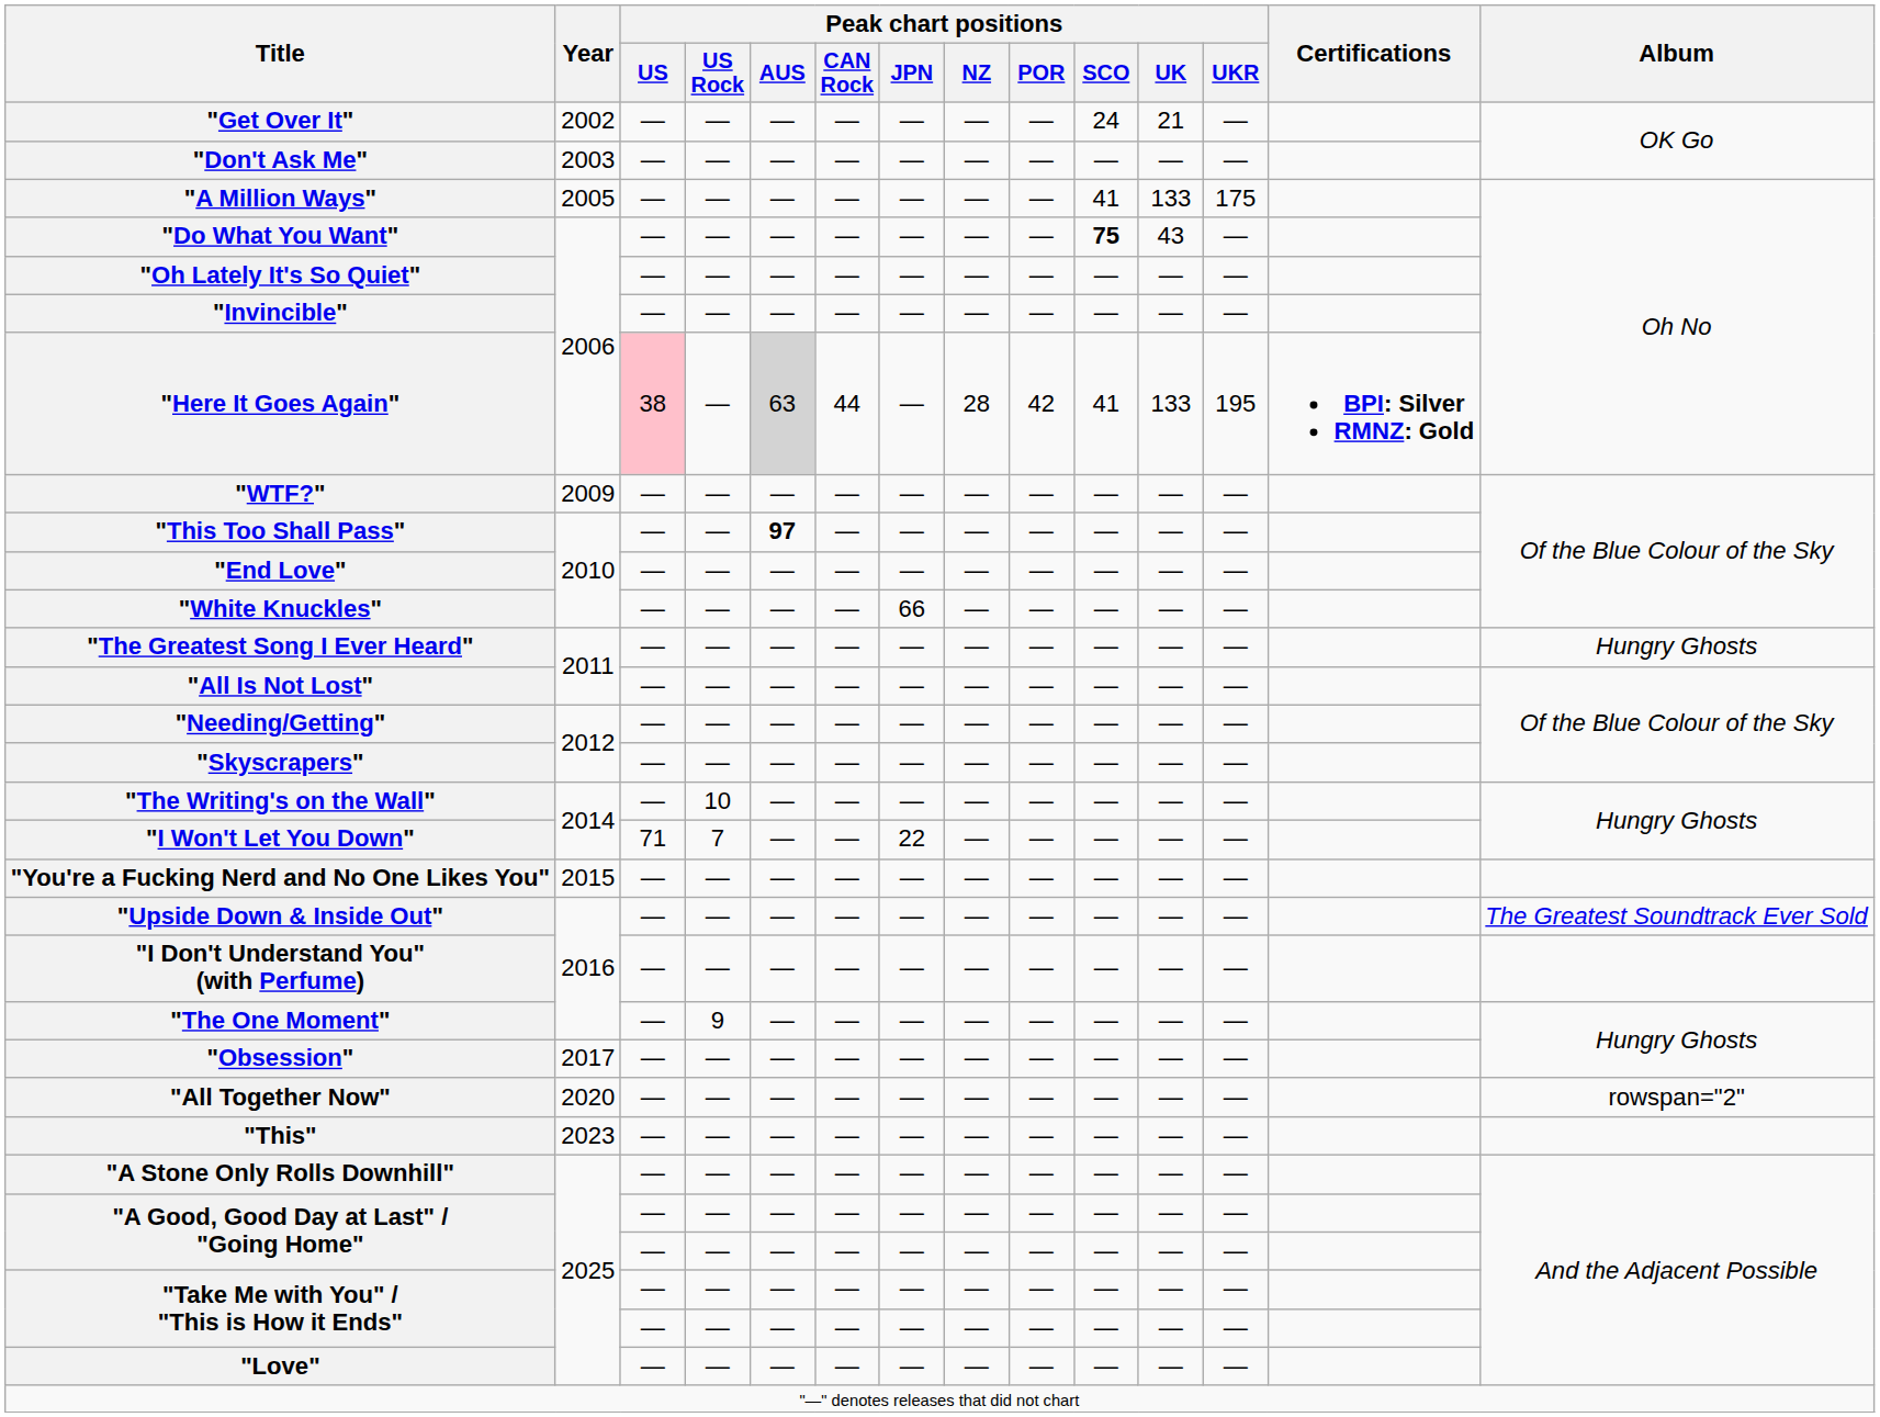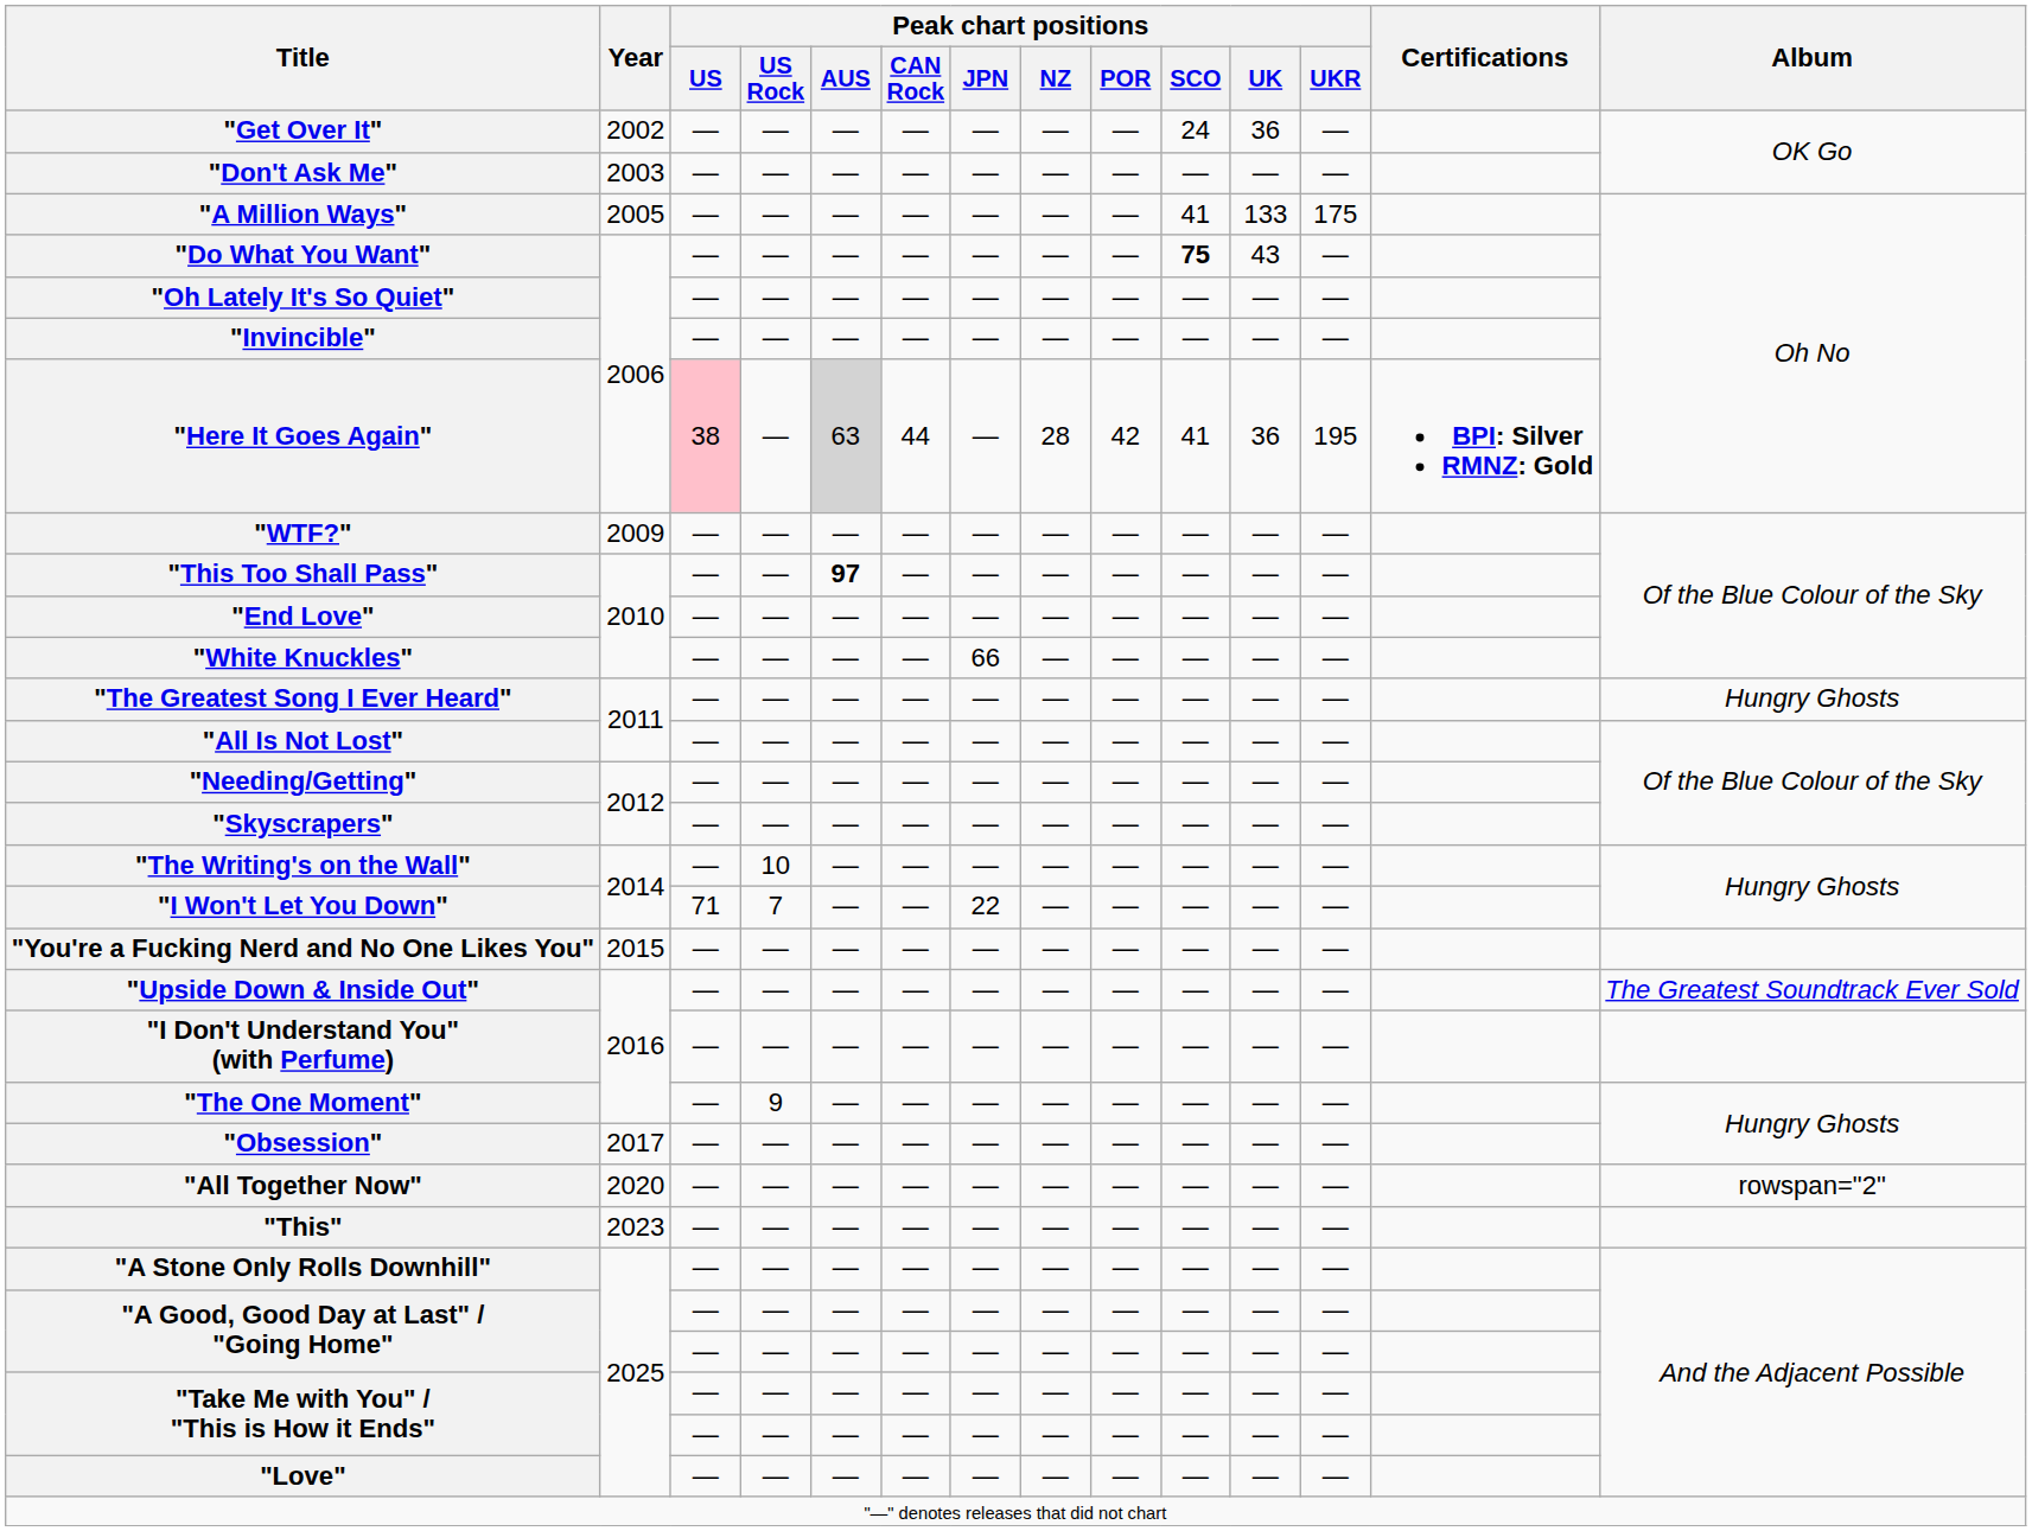 <table class="wikitable plainrowheaders" style="text-align:center;" border="1">
 <tr>
 <th scope="col" rowspan="2">Title</th>
 <th scope="col" rowspan="2">Year</th>
 <th scope="col" colspan="10">Peak chart positions</th>
 <th scope="col" rowspan="2">Certifications</th>
 <th scope="col" rowspan="2">Album</th>
 </tr>
 <tr>
 <th scope="col" style="width:2.5em;font-size:90%;"><a href='#'>US</a><br></th>
 <th scope="col" style="width:2.5em;font-size:90%;"><a href='#'>US<br>Rock</a><br></th>
 <th scope="col" style="width:2.5em;font-size:90%;"><a href='#'>AUS</a><br></th>
 <th scope="col" style="width:2.5em;font-size:90%;"><a href='#'>CAN<br>Rock</a><br></th>
 <th scope="col" style="width:2.5em;font-size:90%;"><a href='#'>JPN</a><br></th>
 <th scope="col" style="width:2.5em;font-size:90%;"><a href='#'>NZ</a><br></th>
 <th scope="col" style="width:2.5em;font-size:90%;"><a href='#'>POR</a><br></th>
 <th scope="col" style="width:2.5em;font-size:90%;"><a href='#'>SCO</a><br></th>
 <th scope="col" style="width:2.5em;font-size:90%;"><a href='#'>UK</a><br></th>
 <th scope="col" style="width:2.5em;font-size:90%;"><a href='#'>UKR</a><br></th>
 </tr>
 <tr>
 <th scope="row">"<a href='#'>Get Over It</a>"</th>
 <td>2002</td>
 <td>—</td>
 <td>—</td>
 <td>—</td>
 <td>—</td>
 <td>—</td>
 <td>—</td>
 <td>—</td>
 <td>24</td>
-<td>21</td>
+<td>36</td>
 <td>—</td>
 <td></td>
 <td rowspan="2"><em>OK Go</em></td>
 </tr>
 <tr>
 <th scope="row">"<a href='#'>Don't Ask Me</a>"</th>
 <td>2003</td>
 <td>—</td>
 <td>—</td>
 <td>—</td>
 <td>—</td>
 <td>—</td>
 <td>—</td>
 <td>—</td>
 <td>—</td>
 <td>—</td>
 <td>—</td>
 <td></td>
 </tr>
 <tr>
 <th scope="row">"<a href='#'>A Million Ways</a>"</th>
 <td>2005</td>
 <td>—</td>
 <td>—</td>
 <td>—</td>
 <td>—</td>
 <td>—</td>
 <td>—</td>
 <td>—</td>
 <td>41</td>
 <td>133</td>
 <td>175</td>
 <td></td>
 <td rowspan="5"><em>Oh No</em></td>
 </tr>
 <tr>
 <th scope="row">"<a href='#'>Do What You Want</a>"</th>
 <td rowspan="4">2006</td>
 <td>—</td>
 <td>—</td>
 <td>—</td>
 <td>—</td>
 <td>—</td>
 <td>—</td>
 <td>—</td>
 <td><strong>75</strong></td>
 <td>43</td>
 <td>—</td>
 <td></td>
 </tr>
 <tr>
 <th scope="row">"<a href='#'>Oh Lately It's So Quiet</a>"</th>
 <td>—</td>
 <td>—</td>
 <td>—</td>
 <td>—</td>
 <td>—</td>
 <td>—</td>
 <td>—</td>
 <td>—</td>
 <td>—</td>
 <td>—</td>
 <td></td>
 </tr>
 <tr>
 <th scope="row">"<a href='#'>Invincible</a>"</th>
 <td>—</td>
 <td>—</td>
 <td>—</td>
 <td>—</td>
 <td>—</td>
 <td>—</td>
 <td>—</td>
 <td>—</td>
 <td>—</td>
 <td>—</td>
 <td></td>
 </tr>
 <tr>
 <th scope="row">"<a href='#'>Here It Goes Again</a>"</th>
 <td style="background: pink;">38</td>
 <td>—</td>
 <td style="background: lightgrey;">63</td>
 <td>44</td>
 <td>—</td>
 <td>28</td>
 <td>42</td>
 <td>41</td>
-<td>133</td>
+<td>36</td>
 <td>195</td>
 <td><strong><br><ul><li><a href='#'>BPI</a>: Silver</li><li><a href='#'>RMNZ</a>: Gold</li></ul></strong></td>
 </tr>
 <tr>
 <th scope="row">"<a href='#'>WTF?</a>"</th>
 <td>2009</td>
 <td>—</td>
 <td>—</td>
 <td>—</td>
 <td>—</td>
 <td>—</td>
 <td>—</td>
 <td>—</td>
 <td>—</td>
 <td>—</td>
 <td>—</td>
 <td></td>
 <td rowspan="4"><em>Of the Blue Colour of the Sky</em></td>
 </tr>
 <tr>
 <th scope="row">"<a href='#'>This Too Shall Pass</a>"</th>
 <td rowspan="3">2010</td>
 <td>—</td>
 <td>—</td>
 <td><strong>97</strong></td>
 <td>—</td>
 <td>—</td>
 <td>—</td>
 <td>—</td>
 <td>—</td>
 <td>—</td>
 <td>—</td>
 <td></td>
 </tr>
 <tr>
 <th scope="row">"<a href='#'>End Love</a>"</th>
 <td>—</td>
 <td>—</td>
 <td>—</td>
 <td>—</td>
 <td>—</td>
 <td>—</td>
 <td>—</td>
 <td>—</td>
 <td>—</td>
 <td>—</td>
 <td></td>
 </tr>
 <tr>
 <th scope="row">"<a href='#'>White Knuckles</a>"</th>
 <td>—</td>
 <td>—</td>
 <td>—</td>
 <td>—</td>
 <td>66</td>
 <td>—</td>
 <td>—</td>
 <td>—</td>
 <td>—</td>
 <td>—</td>
 <td></td>
 </tr>
 <tr>
 <th scope="row">"<a href='#'>The Greatest Song I Ever Heard</a>"</th>
 <td rowspan="2">2011</td>
 <td>—</td>
 <td>—</td>
 <td>—</td>
 <td>—</td>
 <td>—</td>
 <td>—</td>
 <td>—</td>
 <td>—</td>
 <td>—</td>
 <td>—</td>
 <td></td>
 <td><em>Hungry Ghosts</em></td>
 </tr>
 <tr>
 <th scope="row">"<a href='#'>All Is Not Lost</a>"</th>
 <td>—</td>
 <td>—</td>
 <td>—</td>
 <td>—</td>
 <td>—</td>
 <td>—</td>
 <td>—</td>
 <td>—</td>
 <td>—</td>
 <td>—</td>
 <td></td>
 <td rowspan="3"><em>Of the Blue Colour of the Sky</em></td>
 </tr>
 <tr>
 <th scope="row">"<a href='#'>Needing/Getting</a>"</th>
 <td rowspan="2">2012</td>
 <td>—</td>
 <td>—</td>
 <td>—</td>
 <td>—</td>
 <td>—</td>
 <td>—</td>
 <td>—</td>
 <td>—</td>
 <td>—</td>
 <td>—</td>
 <td></td>
 </tr>
 <tr>
 <th scope="row">"<a href='#'>Skyscrapers</a>"</th>
 <td>—</td>
 <td>—</td>
 <td>—</td>
 <td>—</td>
 <td>—</td>
 <td>—</td>
 <td>—</td>
 <td>—</td>
 <td>—</td>
 <td>—</td>
 <td></td>
 </tr>
 <tr>
 <th scope="row">"<a href='#'>The Writing's on the Wall</a>"</th>
 <td rowspan="2">2014</td>
 <td>—</td>
 <td>10</td>
 <td>—</td>
 <td>—</td>
 <td>—</td>
 <td>—</td>
 <td>—</td>
 <td>—</td>
 <td>—</td>
 <td>—</td>
 <td></td>
 <td rowspan="2"><em>Hungry Ghosts</em></td>
 </tr>
 <tr>
 <th scope="row">"<a href='#'>I Won't Let You Down</a>"</th>
 <td>71</td>
 <td>7</td>
 <td>—</td>
 <td>—</td>
 <td>22</td>
 <td>—</td>
 <td>—</td>
 <td>—</td>
 <td>—</td>
 <td>—</td>
 <td></td>
 </tr>
 <tr>
 <th scope="row">"You're a Fucking Nerd and No One Likes You"</th>
 <td>2015</td>
 <td>—</td>
 <td>—</td>
 <td>—</td>
 <td>—</td>
 <td>—</td>
 <td>—</td>
 <td>—</td>
 <td>—</td>
 <td>—</td>
 <td>—</td>
 <td></td>
 <td></td>
 </tr>
 <tr>
 <th scope="row">"<a href='#'>Upside Down & Inside Out</a>"</th>
 <td rowspan="3">2016</td>
 <td>—</td>
 <td>—</td>
 <td>—</td>
 <td>—</td>
 <td>—</td>
 <td>—</td>
 <td>—</td>
 <td>—</td>
 <td>—</td>
 <td>—</td>
 <td></td>
 <td><em><a href='#'>The Greatest Soundtrack Ever Sold</a></em></td>
 </tr>
 <tr>
 <th scope="row">"I Don't Understand You"<br><span>(with <a href='#'>Perfume</a>)</span></th>
 <td>—</td>
 <td>—</td>
 <td>—</td>
 <td>—</td>
 <td>—</td>
 <td>—</td>
 <td>—</td>
 <td>—</td>
 <td>—</td>
 <td>—</td>
 <td></td>
 <td></td>
 </tr>
 <tr>
 <th scope="row">"<a href='#'>The One Moment</a>"</th>
 <td>—</td>
 <td>9</td>
 <td>—</td>
 <td>—</td>
 <td>—</td>
 <td>—</td>
 <td>—</td>
 <td>—</td>
 <td>—</td>
 <td>—</td>
 <td></td>
 <td rowspan="2"><em>Hungry Ghosts</em></td>
 </tr>
 <tr>
 <th scope="row">"<a href='#'>Obsession</a>"</th>
 <td>2017</td>
 <td>—</td>
 <td>—</td>
 <td>—</td>
 <td>—</td>
 <td>—</td>
 <td>—</td>
 <td>—</td>
 <td>—</td>
 <td>—</td>
 <td>—</td>
 <td></td>
 </tr>
 <tr>
 <th scope="row">"All Together Now"</th>
 <td>2020</td>
 <td>—</td>
 <td>—</td>
 <td>—</td>
 <td>—</td>
 <td>—</td>
 <td>—</td>
 <td>—</td>
 <td>—</td>
 <td>—</td>
 <td>—</td>
 <td></td>
 <td>rowspan="2" </td>
 </tr>
 <tr>
 <th scope="row">"This"</th>
 <td>2023</td>
 <td>—</td>
 <td>—</td>
 <td>—</td>
 <td>—</td>
 <td>—</td>
 <td>—</td>
 <td>—</td>
 <td>—</td>
 <td>—</td>
 <td>—</td>
 <td></td>
 </tr>
 <tr>
 <th scope="row">"A Stone Only Rolls Downhill"</th>
 <td rowspan="6">2025</td>
 <td>—</td>
 <td>—</td>
 <td>—</td>
 <td>—</td>
 <td>—</td>
 <td>—</td>
 <td>—</td>
 <td>—</td>
 <td>—</td>
 <td>—</td>
 <td></td>
 <td rowspan="6"><em>And the Adjacent Possible</em></td>
 </tr>
 <tr>
 <th scope="row" rowspan="2">"A Good, Good Day at Last" /<br> "Going Home"</th>
 <td>—</td>
 <td>—</td>
 <td>—</td>
 <td>—</td>
 <td>—</td>
 <td>—</td>
 <td>—</td>
 <td>—</td>
 <td>—</td>
 <td>—</td>
 <td></td>
 </tr>
 <tr>
 <td>—</td>
 <td>—</td>
 <td>—</td>
 <td>—</td>
 <td>—</td>
 <td>—</td>
 <td>—</td>
 <td>—</td>
 <td>—</td>
 <td>—</td>
 <td></td>
 </tr>
 <tr>
 <th scope="row" rowspan="2">"Take Me with You" /<br> "This is How it Ends"</th>
 <td>—</td>
 <td>—</td>
 <td>—</td>
 <td>—</td>
 <td>—</td>
 <td>—</td>
 <td>—</td>
 <td>—</td>
 <td>—</td>
 <td>—</td>
 <td></td>
 </tr>
 <tr>
 <td>—</td>
 <td>—</td>
 <td>—</td>
 <td>—</td>
 <td>—</td>
 <td>—</td>
 <td>—</td>
 <td>—</td>
 <td>—</td>
 <td>—</td>
 <td></td>
 </tr>
 <tr>
 <th scope="row">"Love"</th>
 <td>—</td>
 <td>—</td>
 <td>—</td>
 <td>—</td>
 <td>—</td>
 <td>—</td>
 <td>—</td>
 <td>—</td>
 <td>—</td>
 <td>—</td>
 <td></td>
 </tr>
 <tr>
 <td colspan="14" style="text-align:center; font-size:8pt;">"—" denotes releases that did not chart</td>
 </tr>
 <tr>
 </tr>
 </table>
